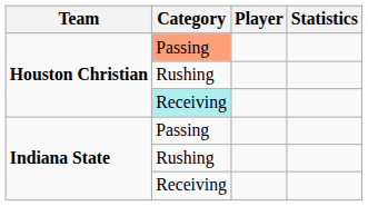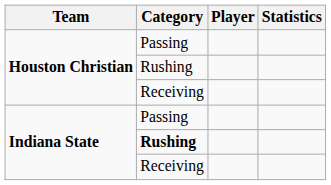 <table class="wikitable" style="float: right;">
 <tr>
 <th>Team</th>
 <th>Category</th>
 <th>Player</th>
 <th>Statistics</th>
 </tr>
 <tr>
 <td rowspan=3><strong>Houston Christian</strong></td>
-<td style="background: lightsalmon;">Passing</td>
-<td></td>
-<td></td>
-</tr>
-<tr>
-<td>Rushing</td>
-<td></td>
-<td></td>
-</tr>
-<tr>
-<td style="background: paleturquoise;">Receiving</td>
-<td></td>
-<td></td>
-</tr>
-<tr>
-<td rowspan=3><strong>Indiana State</strong></td>
 <td>Passing</td>
 <td></td>
 <td></td>
 </tr>
 <tr>
 <td>Rushing</td>
 <td></td>
 <td></td>
 </tr>
 <tr>
 <td>Receiving</td>
 <td></td>
 <td></td>
 </tr>
+<tr>
+<td rowspan=3><strong>Indiana State</strong></td>
+<td>Passing</td>
+<td></td>
+<td></td>
+</tr>
+<tr>
+<td><strong>Rushing</strong></td>
+<td></td>
+<td></td>
+</tr>
+<tr>
+<td>Receiving</td>
+<td></td>
+<td></td>
+</tr>
 </table>
